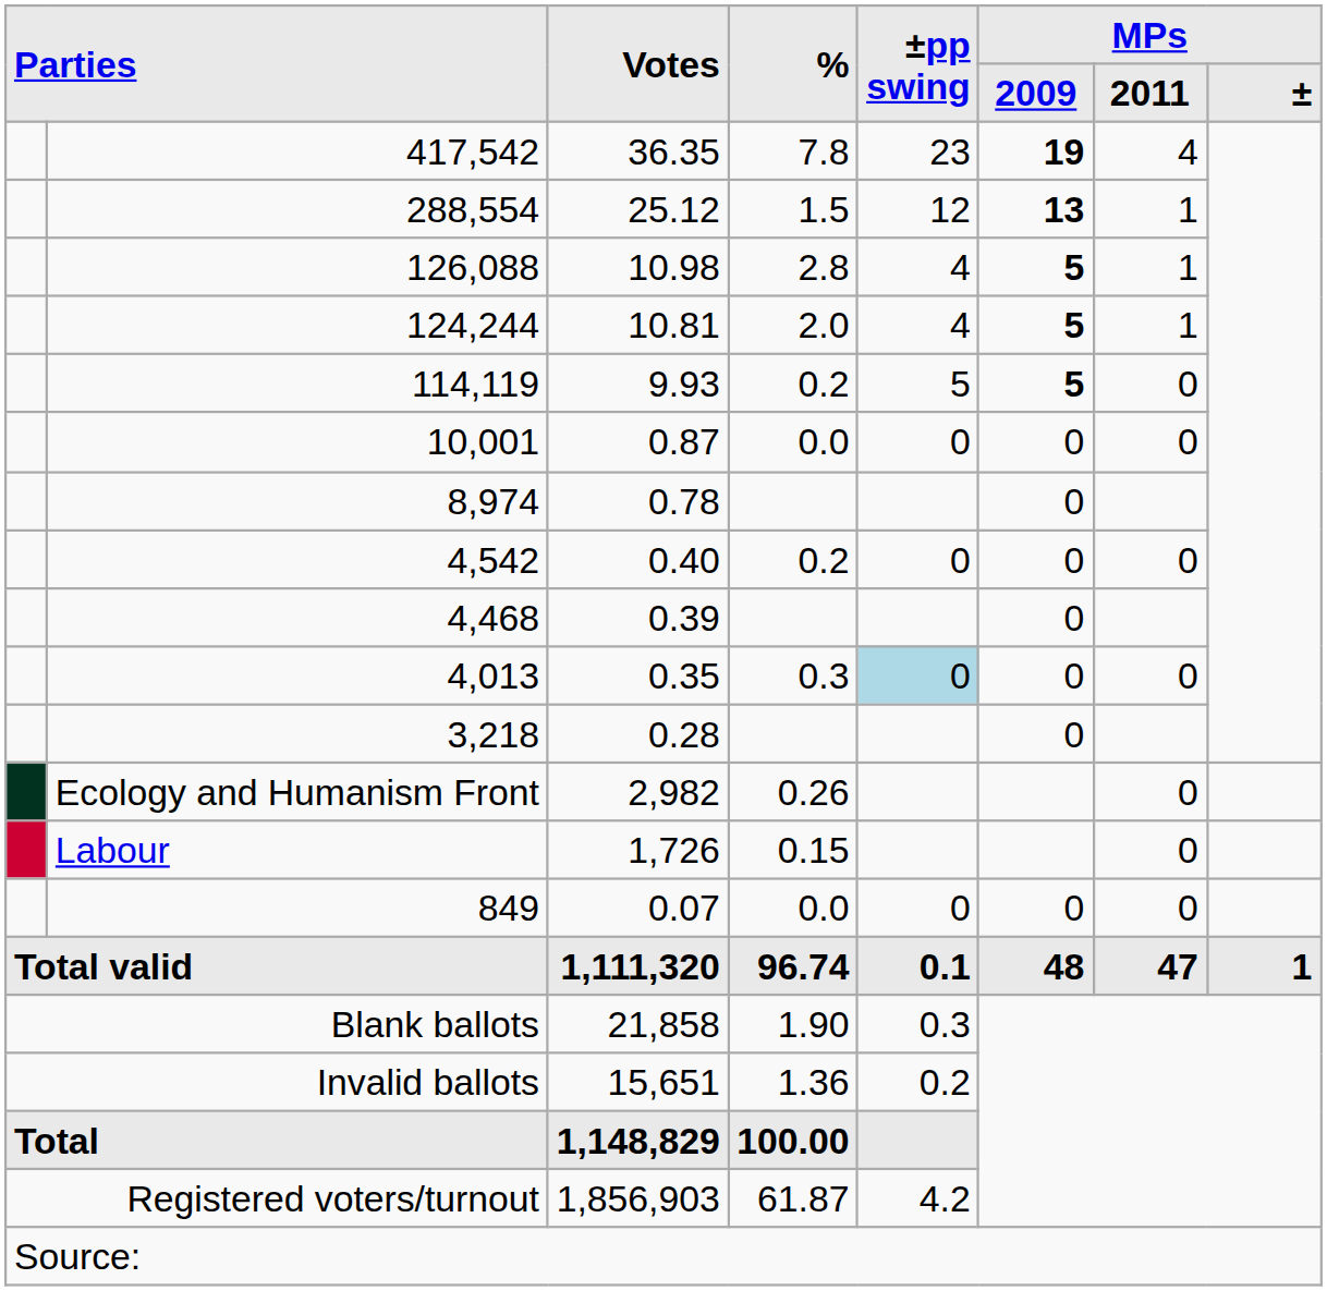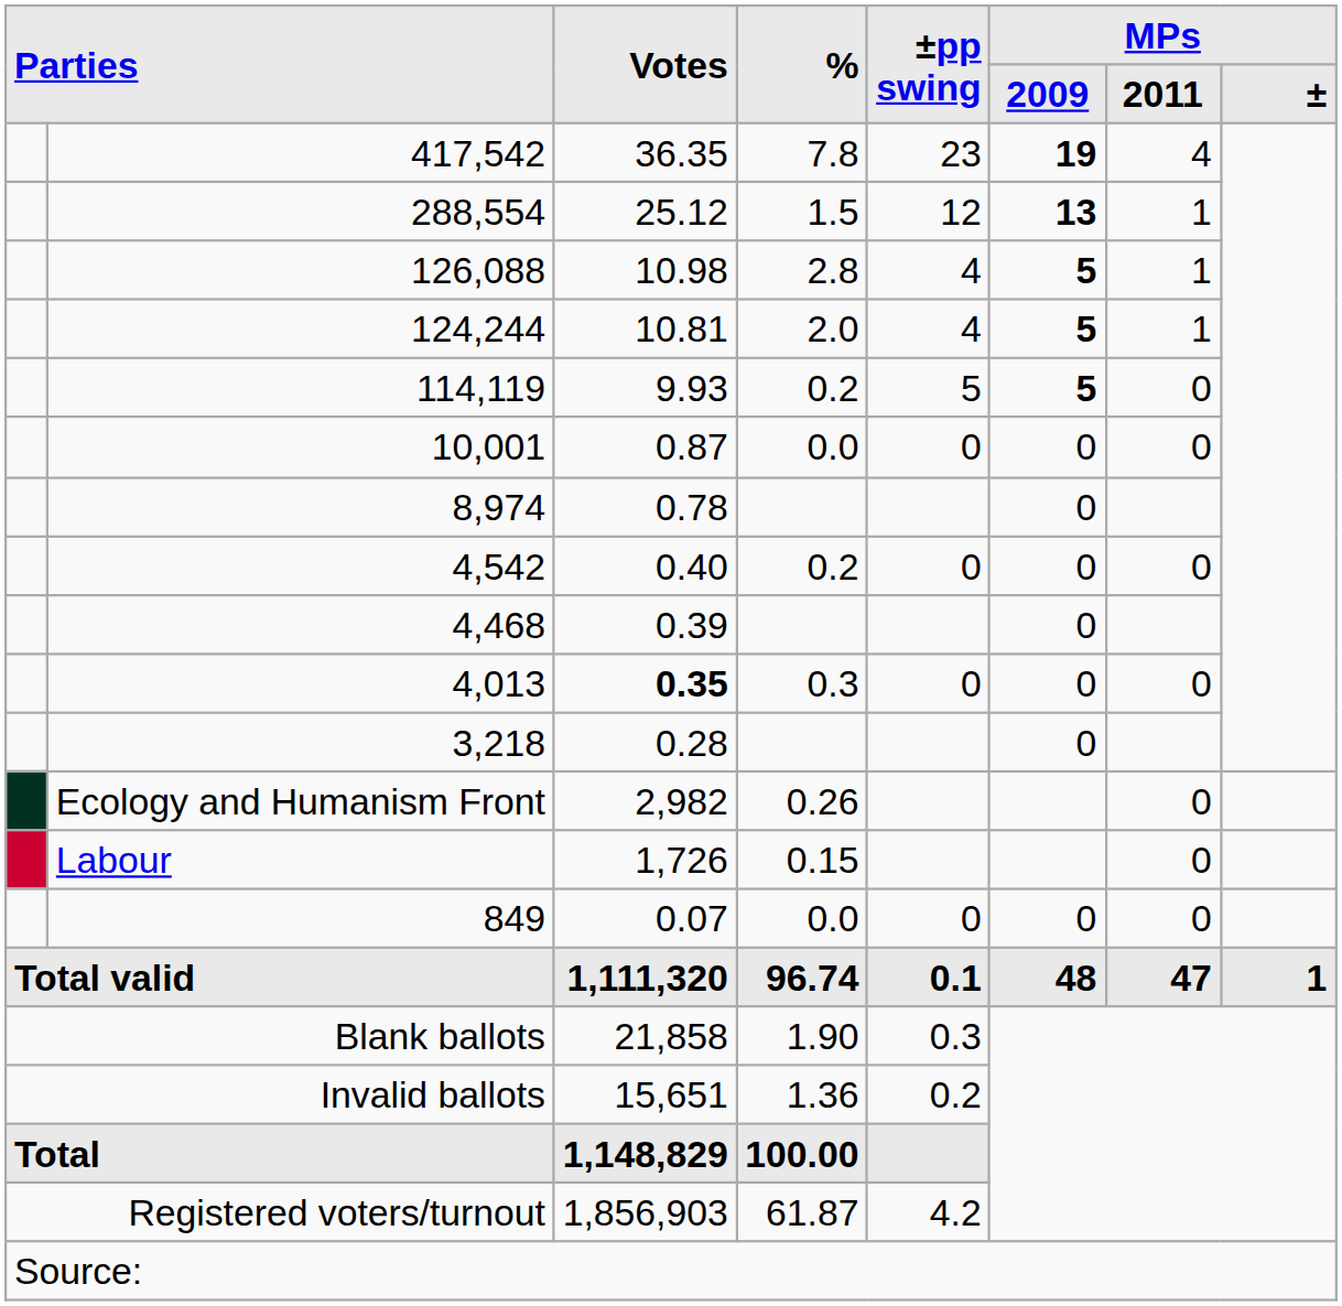 <table class="wikitable" style="text-align:right; font-size:95%;">
 <tr>
 <th rowspan="2" colspan="2" style="background:#e9e9e9; text-align:left;" alignleft><a href='#'>Parties</a></th>
 <th rowspan="2" style="background:#e9e9e9; text-align:right;">Votes</th>
 <th rowspan="2" style="background:#e9e9e9; text-align:right;">%</th>
 <th rowspan="2" style="background:#e9e9e9; text-align:right;">±<a href='#'>pp</a> <a href='#'>swing</a></th>
 <th colspan="3" style="background:#e9e9e9; text-align:center;"><a href='#'>MPs</a></th>
 </tr>
 <tr style="background-color:#E9E9E9">
 <th style="background-color:#E9E9E9;text-align:center;"><a href='#'>2009</a></th>
 <th style="background-color:#E9E9E9;text-align:center;">2011</th>
 <th style="background:#e9e9e9; text-align:right;">±</th>
 </tr>
 <tr>
 <td></td>
 <td>417,542</td>
 <td>36.35</td>
 <td>7.8</td>
 <td>23</td>
 <td><strong>19</strong></td>
 <td>4</td>
 </tr>
 <tr>
 <td></td>
 <td>288,554</td>
 <td>25.12</td>
 <td>1.5</td>
 <td>12</td>
 <td><strong>13</strong></td>
 <td>1</td>
 </tr>
 <tr>
 <td></td>
 <td>126,088</td>
 <td>10.98</td>
 <td>2.8</td>
 <td>4</td>
 <td><strong>5</strong></td>
 <td>1</td>
 </tr>
 <tr>
 <td></td>
 <td>124,244</td>
 <td>10.81</td>
 <td>2.0</td>
 <td>4</td>
 <td><strong>5</strong></td>
 <td>1</td>
 </tr>
 <tr>
 <td></td>
 <td>114,119</td>
 <td>9.93</td>
 <td>0.2</td>
 <td>5</td>
 <td><strong>5</strong></td>
 <td>0</td>
 </tr>
 <tr>
 <td></td>
 <td>10,001</td>
 <td>0.87</td>
 <td>0.0</td>
 <td>0</td>
 <td>0</td>
 <td>0</td>
 </tr>
 <tr>
 <td></td>
 <td>8,974</td>
 <td>0.78</td>
 <td></td>
 <td></td>
 <td>0</td>
 <td></td>
 </tr>
 <tr>
 <td></td>
 <td>4,542</td>
 <td>0.40</td>
 <td>0.2</td>
 <td>0</td>
 <td>0</td>
 <td>0</td>
 </tr>
 <tr>
 <td></td>
 <td>4,468</td>
 <td>0.39</td>
 <td></td>
 <td></td>
 <td>0</td>
 <td></td>
 </tr>
 <tr>
 <td></td>
 <td>4,013</td>
-<td>0.35</td>
+<td><strong>0.35</strong></td>
 <td>0.3</td>
-<td style="background: lightblue;">0</td>
+<td>0</td>
 <td>0</td>
 <td>0</td>
 </tr>
 <tr>
 <td></td>
 <td>3,218</td>
 <td>0.28</td>
 <td></td>
 <td></td>
 <td>0</td>
 <td></td>
 </tr>
 <tr>
 <td style="width:10px;background-color:#013220;text-align:center;"></td>
 <td style="text-align:left;">Ecology and Humanism Front </td>
 <td>2,982</td>
 <td>0.26</td>
 <td></td>
 <td></td>
 <td>0</td>
 <td></td>
 </tr>
 <tr>
 <td style="width: 10px" bgcolor=#CC0033 align="center"></td>
 <td align=left><a href='#'>Labour</a></td>
 <td>1,726</td>
 <td>0.15</td>
 <td></td>
 <td></td>
 <td>0</td>
 <td></td>
 </tr>
 <tr>
 <td></td>
 <td>849</td>
 <td>0.07</td>
 <td>0.0</td>
 <td>0</td>
 <td>0</td>
 <td>0</td>
 </tr>
 <tr>
 <td colspan=2 align=left style="background-color:#E9E9E9"><strong>Total valid</strong></td>
 <td width="65" align="right" style="background-color:#E9E9E9"><strong>1,111,320</strong></td>
 <td width="40" align="right" style="background-color:#E9E9E9"><strong>96.74</strong></td>
 <td width="40" align="right" style="background-color:#E9E9E9"><strong>0.1</strong></td>
 <td width="40" align="right" style="background-color:#E9E9E9"><strong>48</strong></td>
 <td width="40" align="right" style="background-color:#E9E9E9"><strong>47</strong></td>
 <td width="40" align="right" style="background-color:#E9E9E9"><strong>1</strong></td>
 </tr>
 <tr>
 <td colspan=2>Blank ballots</td>
 <td>21,858</td>
 <td>1.90</td>
 <td>0.3</td>
 <td colspan=4 rowspan=4></td>
 </tr>
 <tr>
 <td colspan=2>Invalid ballots</td>
 <td>15,651</td>
 <td>1.36</td>
 <td>0.2</td>
 </tr>
 <tr>
 <td colspan=2 align=left style="background-color:#E9E9E9"><strong>Total</strong></td>
 <td width="50" align="right" style="background-color:#E9E9E9"><strong>1,148,829</strong></td>
 <td width="40" align="right" style="background-color:#E9E9E9"><strong>100.00</strong></td>
 <td width="40" align="right" style="background-color:#E9E9E9"></td>
 </tr>
 <tr>
 <td colspan=2>Registered voters/turnout</td>
 <td>1,856,903</td>
 <td>61.87</td>
 <td>4.2</td>
 </tr>
 <tr>
 <td colspan=11 align=left>Source: </td>
 </tr>
 </table>
